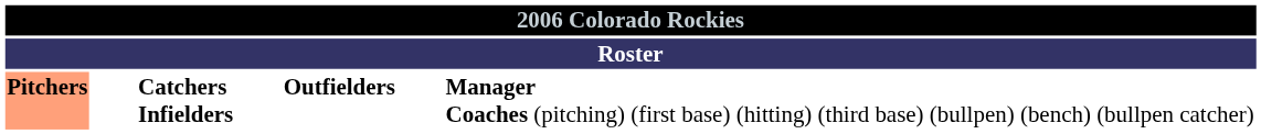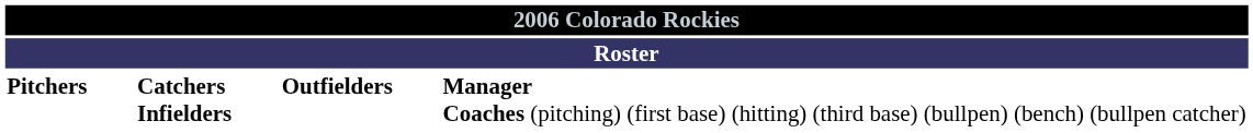 <table class="toccolours" style="font-size: 95%;">
 <tr>
 <th colspan="10" style="background:#000000; color:#C4CED4; text-align:center;">2006 Colorado Rockies</th>
 </tr>
 <tr>
 <td colspan="10" style="background:#333366; color:#FFFFFF; text-align:center;"><strong>Roster</strong></td>
 </tr>
 <tr>
-<td valign="top" style="background: lightsalmon;"><strong>Pitchers</strong><br>                      </td>
+<td valign="top"><strong>Pitchers</strong><br>                      </td>
 <td style="width:25px;"></td>
 <td valign="top"><strong>Catchers</strong><br>      <strong>Infielders</strong>            </td>
 <td style="width:25px;"></td>
 <td valign="top"><strong>Outfielders</strong><br>       </td>
 <td style="width:25px;"></td>
 <td valign="top"><strong>Manager</strong><br> <strong>Coaches</strong>  (pitching)  (first base)  (hitting)  (third base)  (bullpen)  (bench)  (bullpen catcher)</td>
 </tr>
 </table>
